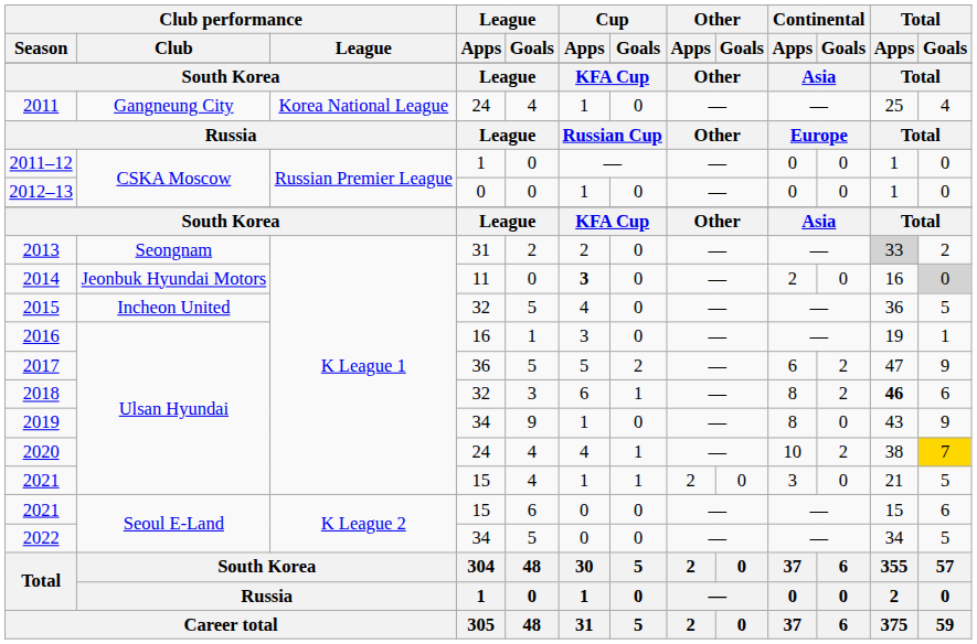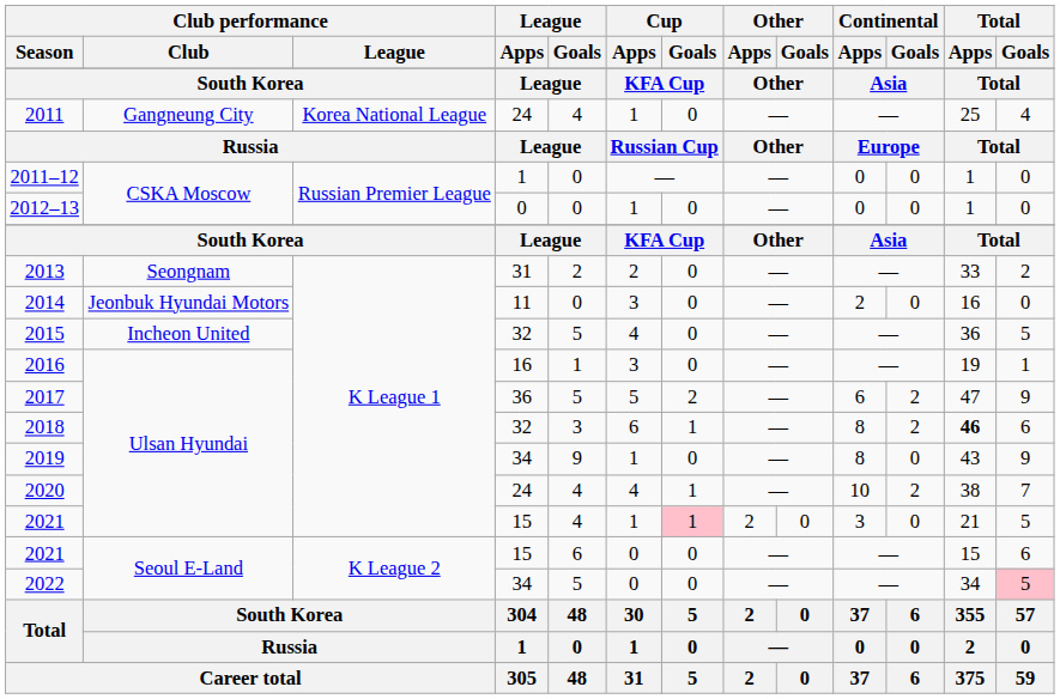 <table class="wikitable" style="text-align:center">
 <tr>
 <th colspan=3>Club performance</th>
 <th colspan=2>League</th>
 <th colspan=2>Cup</th>
 <th colspan=2>Other</th>
 <th colspan=2>Continental</th>
 <th colspan=2>Total</th>
 </tr>
 <tr>
 <th>Season</th>
 <th>Club</th>
 <th>League</th>
 <th>Apps</th>
 <th>Goals</th>
 <th>Apps</th>
 <th>Goals</th>
 <th>Apps</th>
 <th>Goals</th>
 <th>Apps</th>
 <th>Goals</th>
 <th>Apps</th>
 <th>Goals</th>
 </tr>
 <tr>
 </tr>
 <tr>
 <th colspan=3>South Korea</th>
 <th colspan=2>League</th>
 <th colspan=2><a href='#'>KFA Cup</a></th>
 <th colspan=2>Other</th>
 <th colspan=2><a href='#'>Asia</a></th>
 <th colspan=2>Total</th>
 </tr>
 <tr>
 <td><a href='#'>2011</a></td>
 <td><a href='#'>Gangneung City</a></td>
 <td><a href='#'>Korea National League</a></td>
 <td>24</td>
 <td>4</td>
 <td>1</td>
 <td>0</td>
 <td colspan="2">—</td>
 <td colspan="2">—</td>
 <td>25</td>
 <td>4</td>
 </tr>
 <tr>
 <th colspan=3>Russia</th>
 <th colspan=2>League</th>
 <th colspan=2><a href='#'>Russian Cup</a></th>
 <th colspan=2>Other</th>
 <th colspan=2><a href='#'>Europe</a></th>
 <th colspan=2>Total</th>
 </tr>
 <tr>
 <td><a href='#'>2011–12</a></td>
 <td rowspan="2"><a href='#'>CSKA Moscow</a></td>
 <td rowspan="2"><a href='#'>Russian Premier League</a></td>
 <td>1</td>
 <td>0</td>
 <td colspan="2">—</td>
 <td colspan="2">—</td>
 <td>0</td>
 <td>0</td>
 <td>1</td>
 <td>0</td>
 </tr>
 <tr>
 <td><a href='#'>2012–13</a></td>
 <td>0</td>
 <td>0</td>
 <td>1</td>
 <td>0</td>
 <td colspan="2">—</td>
 <td>0</td>
 <td>0</td>
 <td>1</td>
 <td>0</td>
 </tr>
 <tr>
 </tr>
 <tr>
 <th colspan=3>South Korea</th>
 <th colspan=2>League</th>
 <th colspan=2><a href='#'>KFA Cup</a></th>
 <th colspan=2>Other</th>
 <th colspan=2><a href='#'>Asia</a></th>
 <th colspan=2>Total</th>
 </tr>
 <tr>
 <td><a href='#'>2013</a></td>
 <td><a href='#'>Seongnam</a></td>
 <td rowspan="9"><a href='#'>K League 1</a></td>
 <td>31</td>
 <td>2</td>
 <td>2</td>
 <td>0</td>
 <td colspan="2">—</td>
 <td colspan="2">—</td>
-<td style="background: lightgrey;">33</td>
+<td>33</td>
 <td>2</td>
 </tr>
 <tr>
 <td><a href='#'>2014</a></td>
 <td><a href='#'>Jeonbuk Hyundai Motors</a></td>
 <td>11</td>
 <td>0</td>
-<td><strong>3</strong></td>
+<td>3</td>
 <td>0</td>
 <td colspan="2">—</td>
 <td>2</td>
 <td>0</td>
 <td>16</td>
-<td style="background: lightgrey;">0</td>
+<td>0</td>
 </tr>
 <tr>
 <td><a href='#'>2015</a></td>
 <td><a href='#'>Incheon United</a></td>
 <td>32</td>
 <td>5</td>
 <td>4</td>
 <td>0</td>
 <td colspan="2">—</td>
 <td colspan="2">—</td>
 <td>36</td>
 <td>5</td>
 </tr>
 <tr>
 <td><a href='#'>2016</a></td>
 <td rowspan="6"><a href='#'>Ulsan Hyundai</a></td>
 <td>16</td>
 <td>1</td>
 <td>3</td>
 <td>0</td>
 <td colspan="2">—</td>
 <td colspan="2">—</td>
 <td>19</td>
 <td>1</td>
 </tr>
 <tr>
 <td><a href='#'>2017</a></td>
 <td>36</td>
 <td>5</td>
 <td>5</td>
 <td>2</td>
 <td colspan="2">—</td>
 <td>6</td>
 <td>2</td>
 <td>47</td>
 <td>9</td>
 </tr>
 <tr>
 <td><a href='#'>2018</a></td>
 <td>32</td>
 <td>3</td>
 <td>6</td>
 <td>1</td>
 <td colspan="2">—</td>
 <td>8</td>
 <td>2</td>
 <td><strong>46</strong></td>
 <td>6</td>
 </tr>
 <tr>
 <td><a href='#'>2019</a></td>
 <td>34</td>
 <td>9</td>
 <td>1</td>
 <td>0</td>
 <td colspan="2">—</td>
 <td>8</td>
 <td>0</td>
 <td>43</td>
 <td>9</td>
 </tr>
 <tr>
 <td><a href='#'>2020</a></td>
 <td>24</td>
 <td>4</td>
 <td>4</td>
 <td>1</td>
 <td colspan="2">—</td>
 <td>10</td>
 <td>2</td>
 <td>38</td>
-<td style="background: gold;">7</td>
+<td>7</td>
 </tr>
 <tr>
 <td><a href='#'>2021</a></td>
 <td>15</td>
 <td>4</td>
 <td>1</td>
-<td>1</td>
+<td style="background: pink;">1</td>
 <td>2</td>
 <td>0</td>
 <td>3</td>
 <td>0</td>
 <td>21</td>
 <td>5</td>
 </tr>
 <tr>
 <td><a href='#'>2021</a></td>
 <td rowspan="2"><a href='#'>Seoul E-Land</a></td>
 <td rowspan="2"><a href='#'>K League 2</a></td>
 <td>15</td>
 <td>6</td>
 <td>0</td>
 <td>0</td>
 <td colspan="2">—</td>
 <td colspan="2">—</td>
 <td>15</td>
 <td>6</td>
 </tr>
 <tr>
 <td><a href='#'>2022</a></td>
 <td>34</td>
 <td>5</td>
 <td>0</td>
 <td>0</td>
 <td colspan="2">—</td>
 <td colspan="2">—</td>
 <td>34</td>
-<td>5</td>
+<td style="background: pink;">5</td>
 </tr>
 <tr>
 <th rowspan=2>Total</th>
 <th colspan=2>South Korea</th>
 <th>304</th>
 <th>48</th>
 <th>30</th>
 <th>5</th>
 <th>2</th>
 <th>0</th>
 <th>37</th>
 <th>6</th>
 <th>355</th>
 <th>57</th>
 </tr>
 <tr>
 <th colspan=2>Russia</th>
 <th>1</th>
 <th>0</th>
 <th>1</th>
 <th>0</th>
 <th colspan="2">—</th>
 <th>0</th>
 <th>0</th>
 <th>2</th>
 <th>0</th>
 </tr>
 <tr>
 <th colspan=3>Career total</th>
 <th>305</th>
 <th>48</th>
 <th>31</th>
 <th>5</th>
 <th>2</th>
 <th>0</th>
 <th>37</th>
 <th>6</th>
 <th>375</th>
 <th>59</th>
 </tr>
 </table>
